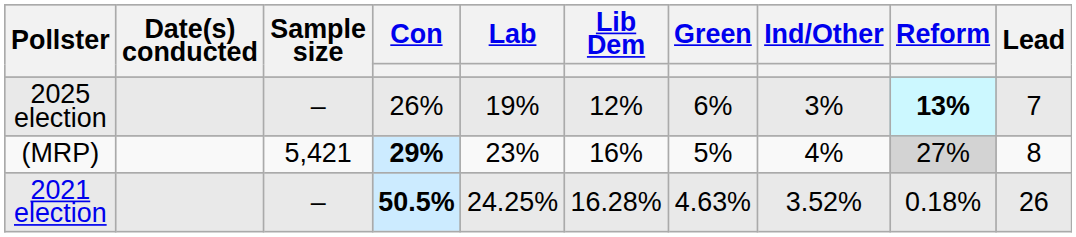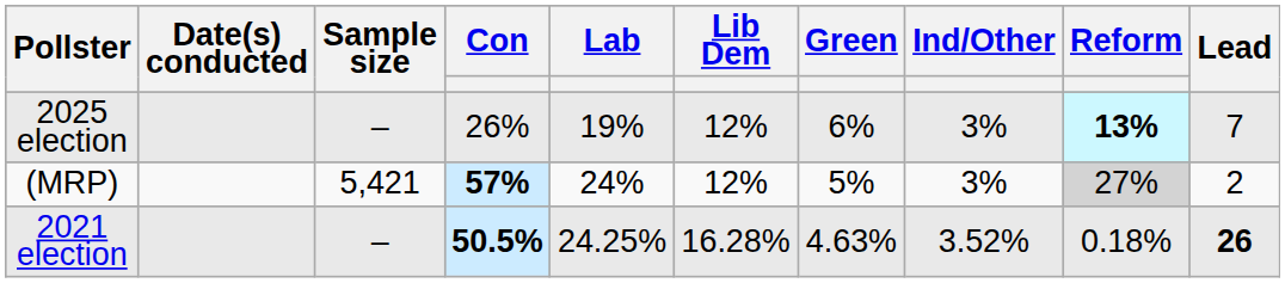 <table class="wikitable sortable mw-datatable" style="text-align:center;font-size:100%;line-height:14px;">
 <tr>
 <th rowspan="2">Pollster</th>
 <th rowspan="2">Date(s)<br>conducted</th>
 <th data-sort-type="number" rowspan="2">Sample<br>size</th>
 <th class="unsortable" style="width:50px;"><a href='#'>Con</a></th>
 <th class="unsortable" style="width:50px;"><a href='#'>Lab</a></th>
 <th class="unsortable" style="width:50px;"><a href='#'>Lib Dem</a></th>
 <th class="unsortable" style="width:50px;"><a href='#'>Green</a></th>
 <th class="unsortable" style="width:50px;"><a href='#'>Ind/Other</a></th>
 <th class="unsortable" style="width:50px;"><a href='#'>Reform</a></th>
 <th data-sort-type="number" rowspan="2">Lead</th>
 </tr>
 <tr>
 <th data-sort-type="number" style="background:"></th>
 <th data-sort-type="number" style="background:"></th>
 <th data-sort-type="number" style="background:"></th>
 <th data-sort-type="number" style="background:"></th>
 <th data-sort-type="number" style="background:"></th>
 <th data-sort-type="number" style="background:"></th>
 </tr>
 <tr style="background:#E9E9E9;">
 <td>2025 election</td>
 <td></td>
 <td>–</td>
 <td>26%</td>
 <td>19%</td>
 <td>12%</td>
 <td>6%</td>
 <td>3%</td>
 <td style="background:#CCf8ff; color: black;"><strong>13%</strong></td>
 <td style="background:">7</td>
 </tr>
 <tr>
 <td> (MRP)</td>
 <td></td>
 <td>5,421</td>
-<td style="background:#CCEBFF; color: black;"><strong>29%</strong></td>
-<td>23%</td>
-<td>16%</td>
+<td style="background:#CCEBFF; color: black;"><strong>57%</strong></td>
+<td>24%</td>
+<td>12%</td>
 <td>5%</td>
-<td>4%</td>
+<td>3%</td>
 <td style="background: lightgrey;">27%</td>
-<td style="background:">8</td>
+<td style="background:">2</td>
 </tr>
 <tr style="background:#E9E9E9;">
 <td><a href='#'>2021 election</a></td>
 <td></td>
 <td>–</td>
 <td style="background:#CCEBFF; color: black;"><strong>50.5%</strong></td>
 <td>24.25%</td>
 <td>16.28%</td>
 <td>4.63%</td>
 <td>3.52%</td>
 <td>0.18%</td>
-<td style="background:">26</td>
+<td style="background:"><strong>26</strong></td>
 </tr>
 </table>
